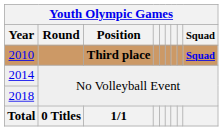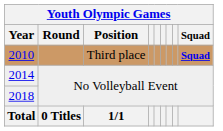 <table class="wikitable" style="text-align: center;">
 <tr>
 <th colspan=9><a href='#'>Youth Olympic Games</a></th>
 </tr>
 <tr>
 <th>Year</th>
 <th>Round</th>
 <th>Position</th>
 <th></th>
 <th></th>
 <th></th>
 <th></th>
 <th></th>
 <th><small>Squad</small></th>
 </tr>
 <tr bgcolor=cc9966>
 <td> <a href='#'>2010</a></td>
 <td></td>
-<td><strong>Third place</strong></td>
+<td>Third place</td>
 <td></td>
 <td></td>
 <td></td>
 <td></td>
 <td></td>
 <td><strong><small> <a href='#'>Squad</a> </small></strong></td>
 </tr>
 <tr bgcolor="efefef">
 <td> <a href='#'>2014</a></td>
 <td colspan=9 rowspan=2 align=center>No Volleyball Event</td>
 </tr>
 <tr bgcolor="efefef">
 <td> <a href='#'>2018</a></td>
 </tr>
 <tr>
 <th>Total</th>
 <th>0 Titles</th>
 <th>1/1</th>
 <th></th>
 <th></th>
 <th></th>
 <th></th>
 <th></th>
 <th></th>
 </tr>
 </table>
